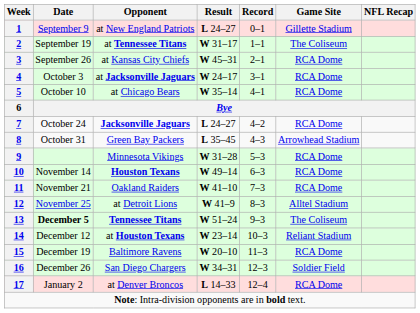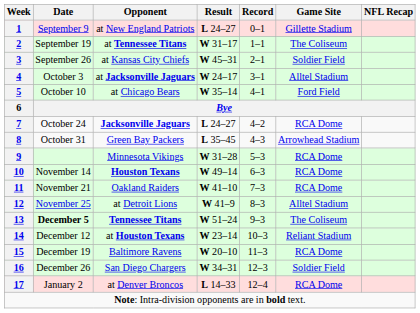 <table class="wikitable" style="text-align:center;">
 <tr>
 <th>Week</th>
 <th>Date</th>
 <th>Opponent</th>
 <th>Result</th>
 <th>Record</th>
 <th>Game Site</th>
 <th>NFL Recap</th>
 </tr>
 <tr style="background: #ffdddd;">
 <th><a href='#'>1</a></th>
 <td><a href='#'>September 9</a></td>
 <td>at <a href='#'>New England Patriots</a></td>
 <td><strong>L</strong> 24–27</td>
 <td>0–1</td>
 <td><a href='#'>Gillette Stadium</a></td>
 <td></td>
 </tr>
 <tr style="background: #ddffdd;">
 <th><a href='#'>2</a></th>
 <td>September 19</td>
 <td>at <strong><a href='#'>Tennessee Titans</a></strong></td>
 <td><strong>W</strong> 31–17</td>
 <td>1–1</td>
 <td><a href='#'>The Coliseum</a></td>
 <td></td>
 </tr>
 <tr style="background: #ddffdd;">
 <th><a href='#'>3</a></th>
 <td>September 26</td>
 <td>at <a href='#'>Kansas City Chiefs</a></td>
 <td><strong>W</strong> 45–31</td>
 <td>2–1</td>
-<td><a href='#'>RCA Dome</a></td>
+<td><a href='#'>Soldier Field</a></td>
 <td></td>
 </tr>
 <tr style="background: #ddffdd;">
 <th><a href='#'>4</a></th>
 <td>October 3</td>
 <td>at <strong><a href='#'>Jacksonville Jaguars</a></strong></td>
 <td><strong>W</strong> 24–17</td>
 <td>3–1</td>
-<td><a href='#'>RCA Dome</a></td>
+<td><a href='#'>Alltel Stadium</a></td>
 <td></td>
 </tr>
 <tr style="background: #ddffdd;">
 <th><a href='#'>5</a></th>
 <td>October 10</td>
 <td>at <a href='#'>Chicago Bears</a></td>
 <td><strong>W</strong> 35–14</td>
 <td>4–1</td>
-<td><a href='#'>RCA Dome</a></td>
+<td><a href='#'>Ford Field</a></td>
 <td></td>
 </tr>
 <tr align="center">
 <th>6</th>
 <th colspan="6"><em><a href='#'>Bye</a></em></th>
 </tr>
 <tr -style="background: #ffdddd;">
 <th><a href='#'>7</a></th>
 <td>October 24</td>
 <td><strong><a href='#'>Jacksonville Jaguars</a></strong></td>
 <td><strong>L</strong> 24–27</td>
 <td>4–2</td>
 <td><a href='#'>RCA Dome</a></td>
 <td></td>
 </tr>
 <tr -style="background: #ffdddd;">
 <th><a href='#'>8</a></th>
 <td>October 31</td>
 <td><a href='#'>Green Bay Packers</a></td>
 <td><strong>L</strong> 35–45</td>
 <td>4–3</td>
 <td><a href='#'>Arrowhead Stadium</a></td>
 <td></td>
 </tr>
 <tr style="background: #ddffdd;">
 <th><a href='#'>9</a></th>
 <td></td>
 <td><a href='#'>Minnesota Vikings</a></td>
 <td><strong>W</strong> 31–28</td>
 <td>5–3</td>
 <td><a href='#'>RCA Dome</a></td>
 <td></td>
 </tr>
 <tr style="background: #ddffdd;">
 <th><a href='#'>10</a></th>
 <td>November 14</td>
 <td><strong><a href='#'>Houston Texans</a></strong></td>
 <td><strong>W</strong> 49–14</td>
 <td>6–3</td>
 <td><a href='#'>RCA Dome</a></td>
 <td></td>
 </tr>
 <tr style="background: #ddffdd;">
 <th><a href='#'>11</a></th>
 <td>November 21</td>
 <td><a href='#'>Oakland Raiders</a></td>
 <td><strong>W</strong> 41–10</td>
 <td>7–3</td>
 <td><a href='#'>RCA Dome</a></td>
 <td></td>
 </tr>
 <tr style="background: #ddffdd;">
 <th><a href='#'>12</a></th>
 <td><a href='#'>November 25</a></td>
 <td>at <a href='#'>Detroit Lions</a></td>
 <td><strong>W</strong> 41–9</td>
 <td>8–3</td>
 <td><a href='#'>Alltel Stadium</a></td>
 <td></td>
 </tr>
 <tr style="background: #ddffdd;">
 <th><a href='#'>13</a></th>
 <td><strong>December 5</strong></td>
 <td><strong><a href='#'>Tennessee Titans</a></strong></td>
 <td><strong>W</strong> 51–24</td>
 <td>9–3</td>
 <td><a href='#'>The Coliseum</a></td>
 <td></td>
 </tr>
 <tr style="background: #ddffdd;">
 <th><a href='#'>14</a></th>
 <td>December 12</td>
 <td>at <strong><a href='#'>Houston Texans</a></strong></td>
 <td><strong>W</strong> 23–14</td>
 <td>10–3</td>
 <td><a href='#'>Reliant Stadium</a></td>
 <td></td>
 </tr>
 <tr style="background: #ddffdd;">
 <th><a href='#'>15</a></th>
 <td>December 19</td>
 <td><a href='#'>Baltimore Ravens</a></td>
 <td><strong>W</strong> 20–10</td>
 <td>11–3</td>
 <td><a href='#'>RCA Dome</a></td>
 <td></td>
 </tr>
 <tr style="background: #ddffdd;">
 <th><a href='#'>16</a></th>
 <td>December 26</td>
 <td><a href='#'>San Diego Chargers</a></td>
 <td><strong>W</strong> 34–31 </td>
 <td>12–3</td>
 <td><a href='#'>Soldier Field</a></td>
 <td></td>
 </tr>
 <tr style="background: #ffdddd;">
 <th><a href='#'>17</a></th>
 <td>January 2</td>
 <td>at <a href='#'>Denver Broncos</a></td>
 <td><strong>L</strong> 14–33</td>
 <td>12–4</td>
 <td><a href='#'>RCA Dome</a></td>
 <td></td>
 </tr>
 <tr>
 <td colspan="7"><strong>Note</strong>: Intra-division opponents are in <strong>bold</strong> text.</td>
 </tr>
 </table>
